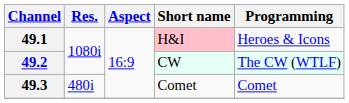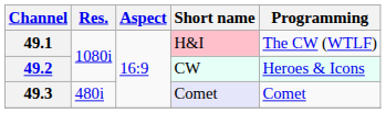 <table class="wikitable">
 <tr>
 <th scope = "col"><a href='#'>Channel</a></th>
 <th scope = "col"><a href='#'>Res.</a></th>
 <th scope = "col"><a href='#'>Aspect</a></th>
 <th scope = "col">Short name</th>
 <th scope = "col">Programming</th>
 </tr>
 <tr>
 <th scope = "row">49.1</th>
 <td rowspan=2><a href='#'>1080i</a></td>
 <td rowspan=3><a href='#'>16:9</a></td>
 <td style="background: pink;">H&I</td>
-<td><a href='#'>Heroes & Icons</a></td>
+<td><a href='#'>The CW</a> (<a href='#'>WTLF</a>)</td>
 </tr>
 <tr style="background-color: #E6FFF7;">
 <th scope = "row"><a href='#'>49.2</a></th>
 <td>CW</td>
-<td><a href='#'>The CW</a> (<a href='#'>WTLF</a>)</td>
+<td><a href='#'>Heroes & Icons</a></td>
 </tr>
 <tr>
 <th scope = "row">49.3</th>
 <td><a href='#'>480i</a></td>
-<td>Comet</td>
+<td style="background: lavender;">Comet</td>
 <td><a href='#'>Comet</a></td>
 </tr>
 <tr>
 </tr>
 </table>
